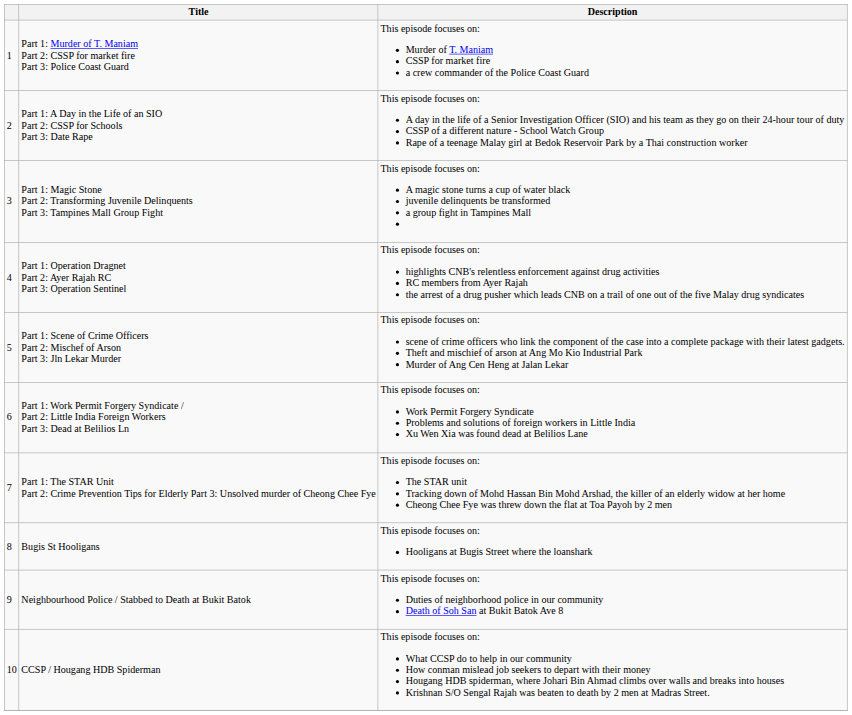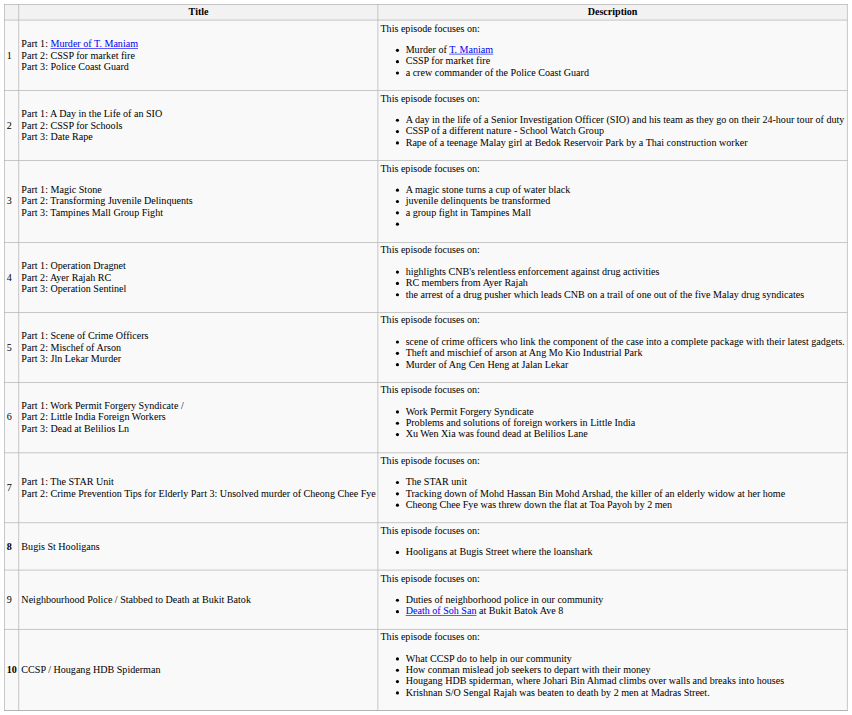 <table class="wikitable">
 <tr>
 <th></th>
 <th>Title</th>
 <th>Description</th>
 </tr>
 <tr>
 <td>1</td>
 <td>Part 1: <a href='#'>Murder of T. Maniam</a> <br>Part 2: CSSP for market fire<br>Part 3: Police Coast Guard</td>
 <td>This episode focuses on:<br><ul><li>Murder of <a href='#'>T. Maniam</a></li><li>CSSP for market fire</li><li>a crew commander of the Police Coast Guard</li></ul></td>
 </tr>
 <tr>
 <td>2</td>
 <td>Part 1: A Day in the Life of an SIO<br>Part 2: CSSP for Schools<br>Part 3: Date Rape</td>
 <td>This episode focuses on:<br><ul><li>A day in the life of a Senior Investigation Officer (SIO) and his team as they go on their 24-hour tour of duty</li><li>CSSP of a different nature - School Watch Group</li><li>Rape of a teenage Malay girl at Bedok Reservoir Park by a Thai construction worker</li></ul></td>
 </tr>
 <tr>
 <td>3</td>
 <td>Part 1: Magic Stone <br>Part 2: Transforming Juvenile Delinquents<br>Part 3: Tampines Mall Group Fight</td>
 <td>This episode focuses on:<br><ul><li>A magic stone turns a cup of water black</li><li>juvenile delinquents be transformed</li><li>a group fight in Tampines Mall</li><li></li></ul></td>
 </tr>
 <tr>
 <td>4</td>
 <td>Part 1: Operation Dragnet<br>Part 2: Ayer Rajah RC<br>Part 3: Operation Sentinel</td>
 <td>This episode focuses on:<br><ul><li>highlights CNB's relentless enforcement against drug activities</li><li>RC members from Ayer Rajah</li><li>the arrest of a drug pusher which leads CNB on a trail of one out of the five Malay drug syndicates</li></ul></td>
 </tr>
 <tr>
 <td>5</td>
 <td>Part 1: Scene of Crime Officers <br>Part 2: Mischef of Arson<br>Part 3: Jln Lekar Murder</td>
 <td>This episode focuses on:<br><ul><li>scene of crime officers who link the component of the case into a complete package with their latest gadgets.</li><li>Theft and mischief of arson at Ang Mo Kio Industrial Park</li><li>Murder of Ang Cen Heng at Jalan Lekar</li></ul></td>
 </tr>
 <tr>
 <td>6</td>
 <td>Part 1: Work Permit Forgery Syndicate /  <br>Part 2: Little India Foreign Workers<br>Part 3: Dead at Belilios Ln</td>
 <td>This episode focuses on:<br><ul><li>Work Permit Forgery Syndicate</li><li>Problems and solutions of foreign workers in Little India</li><li>Xu Wen Xia was found dead at Belilios Lane</li></ul></td>
 </tr>
 <tr>
 <td>7</td>
 <td>Part 1: The STAR Unit<br>Part 2: Crime Prevention Tips for Elderly Part 3: Unsolved murder of Cheong Chee Fye</td>
 <td>This episode focuses on:<br><ul><li>The STAR unit</li><li>Tracking down of Mohd Hassan Bin Mohd Arshad, the killer of an elderly widow at her home</li><li>Cheong Chee Fye was threw down the flat at Toa Payoh by 2 men</li></ul></td>
 </tr>
 <tr>
-<td>8</td>
+<td><strong>8</strong></td>
 <td>Bugis St Hooligans</td>
 <td>This episode focuses on:<br><ul><li>Hooligans at Bugis Street where the loanshark</li></ul></td>
 </tr>
 <tr>
 <td>9</td>
 <td>Neighbourhood Police / Stabbed to Death at Bukit Batok</td>
 <td>This episode focuses on:<br><ul><li>Duties of neighborhood police in our community</li><li><a href='#'>Death of Soh San</a> at Bukit Batok Ave 8</li></ul></td>
 </tr>
 <tr>
-<td>10</td>
+<td><strong>10</strong></td>
 <td>CCSP / Hougang HDB Spiderman</td>
 <td>This episode focuses on:<br><ul><li>What CCSP do to help in our community</li><li>How conman mislead job seekers to depart with their money</li><li>Hougang HDB spiderman, where Johari Bin Ahmad climbs over walls and breaks into houses</li><li>Krishnan S/O Sengal Rajah was beaten to death by 2 men at Madras Street.</li></ul></td>
 </tr>
 <tr>
 </tr>
 </table>
